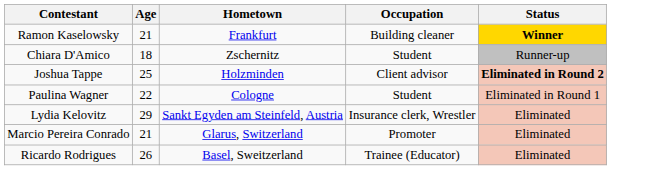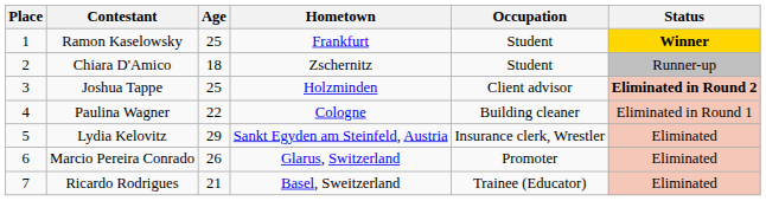 <table class="wikitable center" style="text-align:center;">
 <tr>
+<th>Place</th>
 <th>Contestant</th>
 <th>Age</th>
 <th>Hometown</th>
 <th>Occupation</th>
 <th>Status</th>
 </tr>
 <tr>
+<td>1</td>
 <td>Ramon Kaselowsky</td>
-<td>21</td>
+<td>25</td>
 <td><a href='#'>Frankfurt</a></td>
-<td>Building cleaner</td>
+<td>Student</td>
 <td style="background:gold;"><strong>Winner</strong></td>
 </tr>
 <tr>
+<td>2</td>
 <td>Chiara D'Amico</td>
 <td>18</td>
 <td>Zschernitz</td>
 <td>Student</td>
 <td style="background:silver;">Runner-up</td>
 </tr>
 <tr>
+<td>3</td>
 <td>Joshua Tappe</td>
 <td>25</td>
 <td><a href='#'>Holzminden</a></td>
 <td>Client advisor</td>
 <td bgcolor="#F4C7B8"><strong>Eliminated in Round 2<br></strong></td>
 </tr>
 <tr>
+<td>4</td>
 <td>Paulina Wagner</td>
 <td>22</td>
 <td><a href='#'>Cologne</a></td>
-<td>Student</td>
+<td>Building cleaner</td>
 <td bgcolor="#F4C7B8">Eliminated in Round 1<br></td>
 </tr>
 <tr>
+<td>5</td>
 <td>Lydia Kelovitz</td>
 <td>29</td>
 <td><a href='#'>Sankt Egyden am Steinfeld</a>, <a href='#'>Austria</a></td>
 <td>Insurance clerk, Wrestler</td>
 <td bgcolor="#F4C7B8">Eliminated<br></td>
 </tr>
 <tr>
+<td>6</td>
 <td>Marcio Pereira Conrado</td>
-<td>21</td>
+<td>26</td>
 <td><a href='#'>Glarus</a>, <a href='#'>Switzerland</a></td>
 <td>Promoter</td>
 <td bgcolor="#F4C7B8">Eliminated<br></td>
 </tr>
 <tr>
+<td>7</td>
 <td>Ricardo Rodrigues</td>
-<td>26</td>
+<td>21</td>
 <td><a href='#'>Basel</a>, Sweitzerland</td>
 <td>Trainee (Educator)</td>
 <td bgcolor="#F4C7B8">Eliminated<br></td>
 </tr>
 </table>
